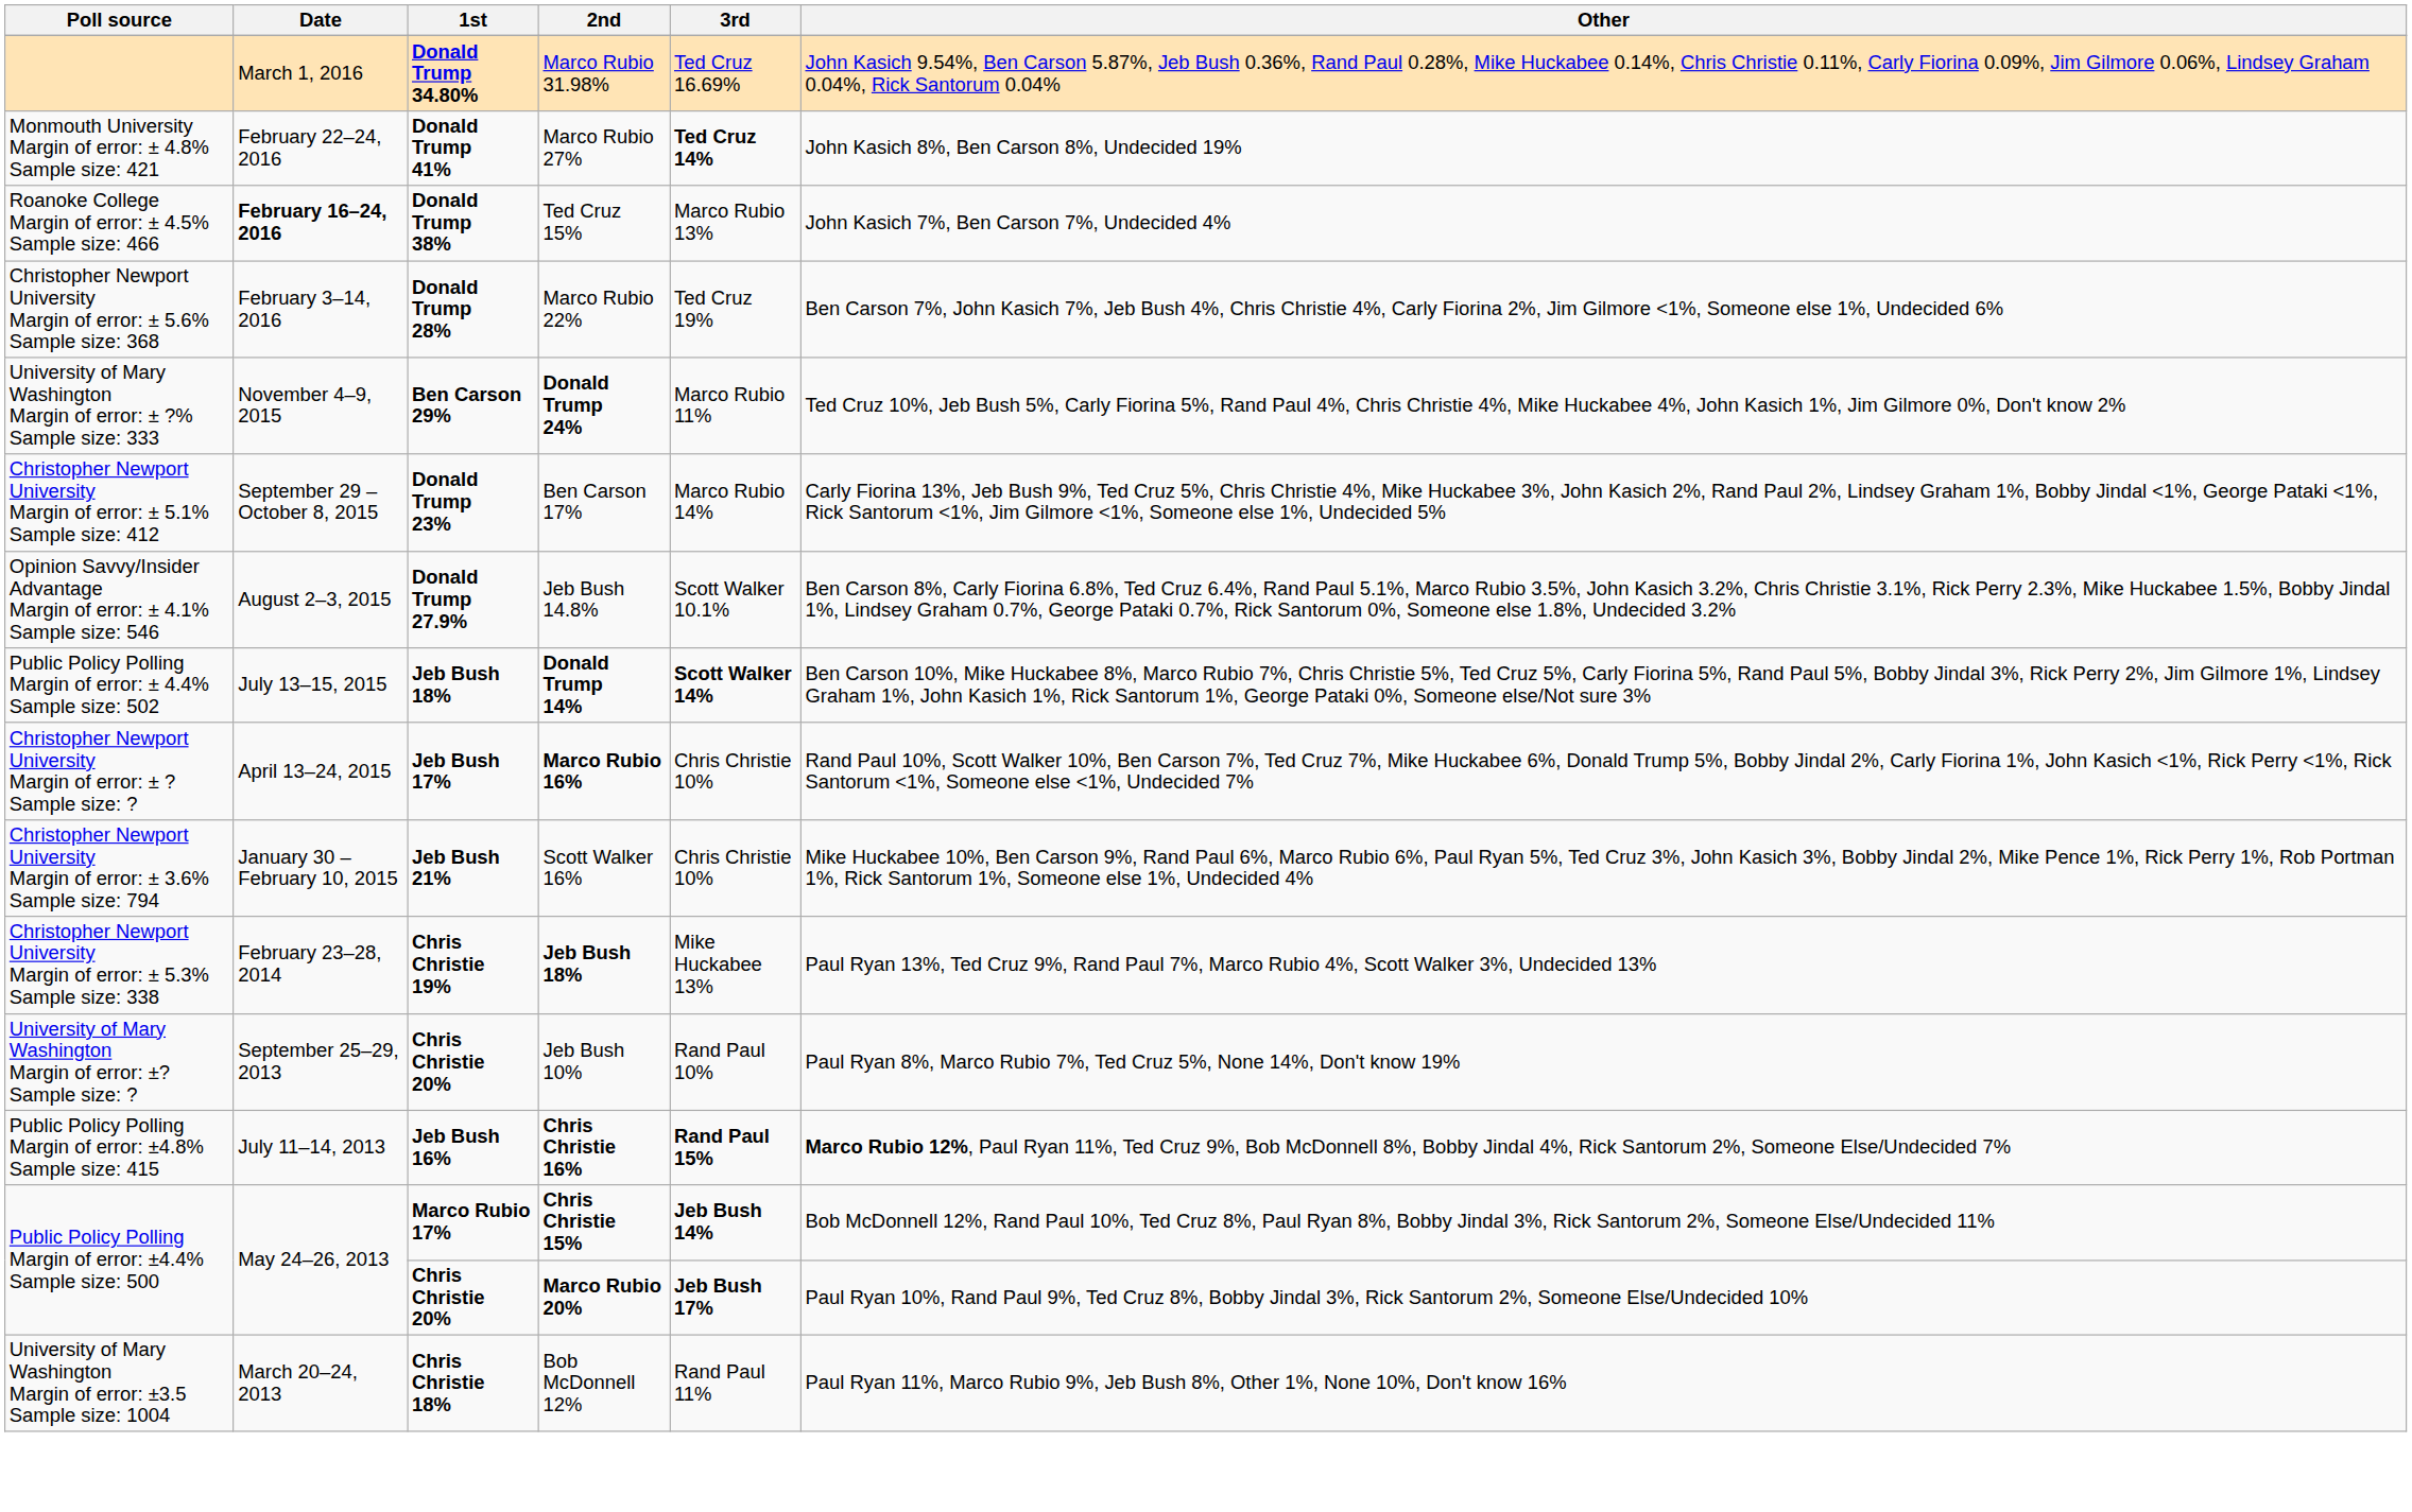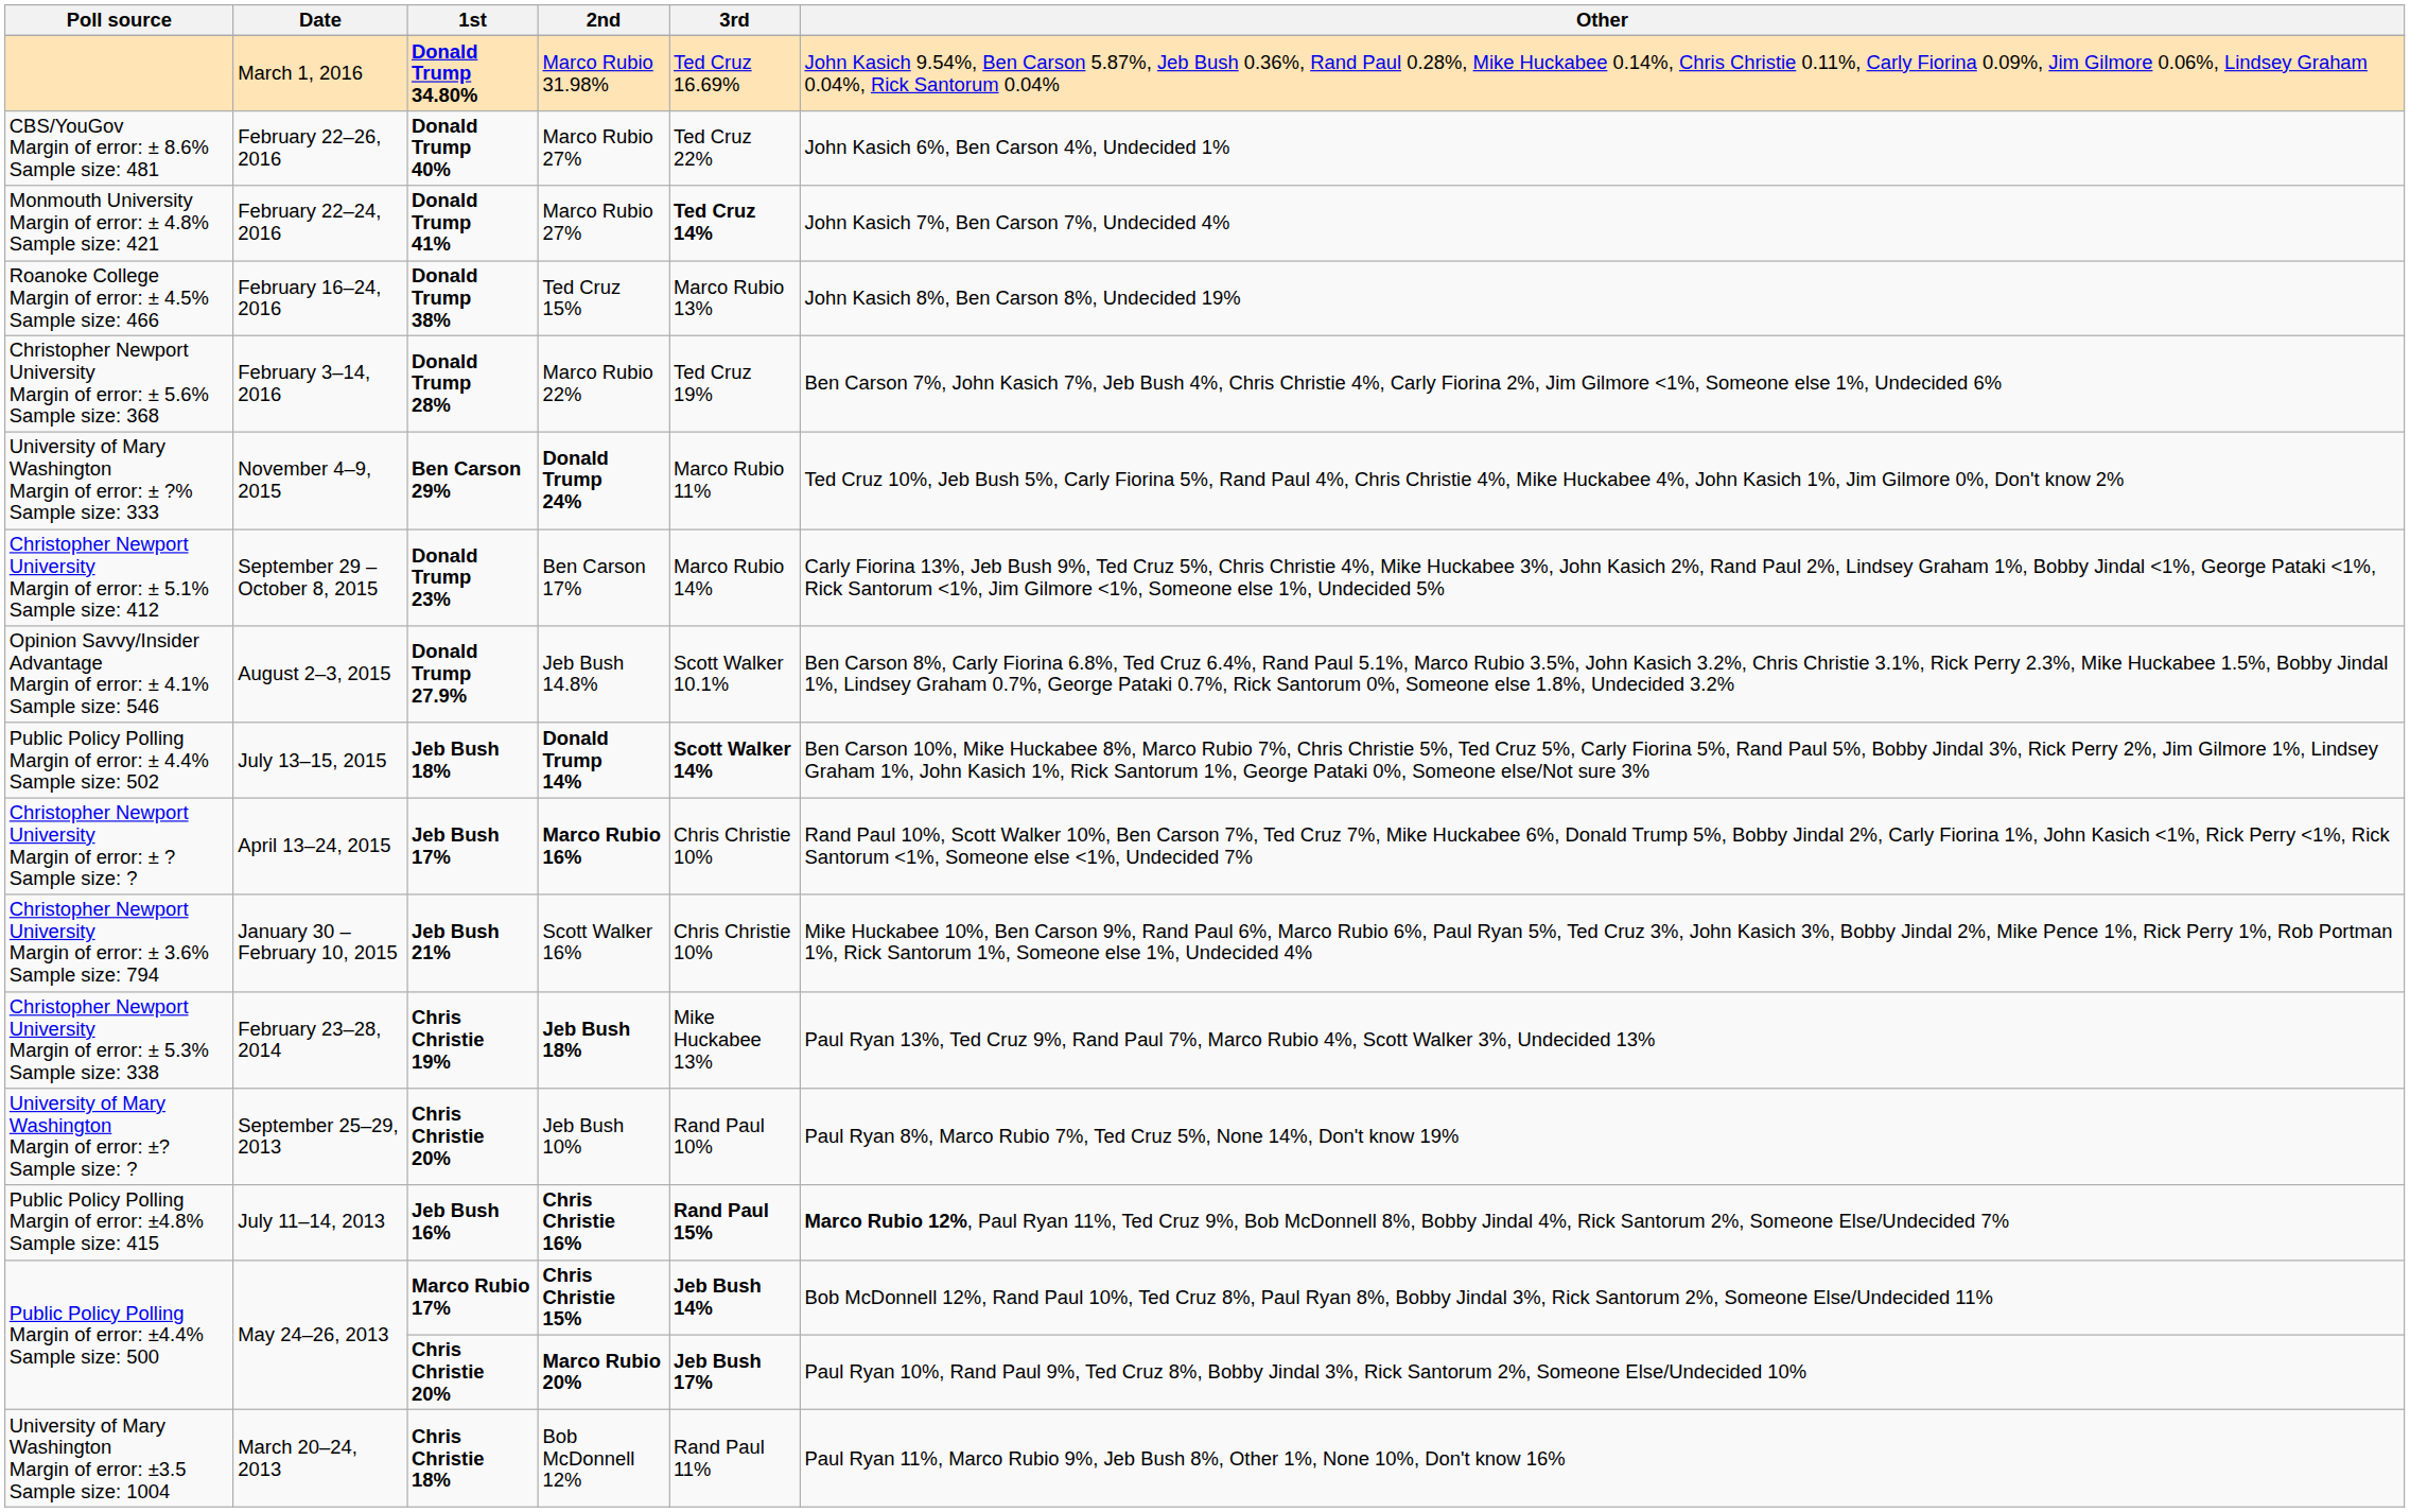 <table class="wikitable">
 <tr>
 <th style="width:180px;">Poll source</th>
 <th style="width:135px;">Date</th>
 <th style="width:100px;">1st</th>
 <th style="width:100px;">2nd</th>
 <th style="width:100px;">3rd</th>
 <th>Other</th>
 </tr>
 <tr>
 </tr>
 <tr style="background:Moccasin;">
 <td></td>
 <td>March 1, 2016</td>
 <td><strong><a href='#'>Donald Trump</a><br>34.80%</strong></td>
 <td><a href='#'>Marco Rubio</a><br>31.98%</td>
 <td><a href='#'>Ted Cruz</a><br>16.69%</td>
 <td><a href='#'>John Kasich</a> 9.54%, <a href='#'>Ben Carson</a> 5.87%, <a href='#'>Jeb Bush</a> 0.36%, <a href='#'>Rand Paul</a> 0.28%, <a href='#'>Mike Huckabee</a> 0.14%, <a href='#'>Chris Christie</a> 0.11%, <a href='#'>Carly Fiorina</a> 0.09%, <a href='#'>Jim Gilmore</a> 0.06%, <a href='#'>Lindsey Graham</a> 0.04%, <a href='#'>Rick Santorum</a> 0.04%</td>
 </tr>
 <tr>
+<td>CBS/YouGov<br>Margin of error: ± 8.6% Sample size: 481</td>
+<td>February 22–26, 2016</td>
+<td><strong>Donald Trump<br>40%</strong></td>
+<td>Marco Rubio<br>27%</td>
+<td>Ted Cruz<br>22%</td>
+<td>John Kasich 6%, Ben Carson 4%, Undecided 1%</td>
+</tr>
+<tr>
 <td>Monmouth University<br>Margin of error: ± 4.8% Sample size: 421</td>
 <td>February 22–24, 2016</td>
 <td><strong>Donald Trump<br>41%</strong></td>
 <td>Marco Rubio<br>27%</td>
 <td><strong>Ted Cruz<br>14%</strong></td>
-<td>John Kasich 8%, Ben Carson 8%, Undecided 19%</td>
+<td>John Kasich 7%, Ben Carson 7%, Undecided 4%</td>
 </tr>
 <tr>
 <td>Roanoke College<br>Margin of error: ± 4.5% Sample size: 466</td>
-<td><strong>February 16–24, 2016</strong></td>
+<td>February 16–24, 2016</td>
 <td><strong>Donald Trump<br>38%</strong></td>
 <td>Ted Cruz<br>15%</td>
 <td>Marco Rubio<br>13%</td>
-<td>John Kasich 7%, Ben Carson 7%, Undecided 4%</td>
+<td>John Kasich 8%, Ben Carson 8%, Undecided 19%</td>
 </tr>
 <tr>
 <td>Christopher Newport University<br>Margin of error: ± 5.6% <br>Sample size: 368</td>
 <td>February 3–14, 2016</td>
 <td><strong>Donald Trump<br>28%</strong></td>
 <td>Marco Rubio<br>22%</td>
 <td>Ted Cruz<br>19%</td>
 <td>Ben Carson 7%, John Kasich 7%, Jeb Bush 4%, Chris Christie 4%, Carly Fiorina 2%, Jim Gilmore <1%, Someone else 1%, Undecided 6%</td>
 </tr>
 <tr>
 <td>University of Mary Washington<br>Margin of error: ± ?% <br>Sample size: 333</td>
 <td>November 4–9, 2015</td>
 <td><strong>Ben Carson<br>29%</strong></td>
 <td><strong>Donald Trump<br>24%</strong></td>
 <td>Marco Rubio<br> 11%</td>
 <td>Ted Cruz 10%, Jeb Bush 5%, Carly Fiorina 5%, Rand Paul 4%, Chris Christie 4%, Mike Huckabee 4%, John Kasich 1%, Jim Gilmore 0%, Don't know 2%</td>
 </tr>
 <tr>
 <td><a href='#'>Christopher Newport University</a><br>Margin of error: ± 5.1% <br>Sample size: 412</td>
 <td>September 29 – October 8, 2015</td>
 <td><strong>Donald Trump<br>23%</strong></td>
 <td>Ben Carson<br>17%</td>
 <td>Marco Rubio<br>14%</td>
 <td>Carly Fiorina 13%, Jeb Bush 9%, Ted Cruz 5%, Chris Christie 4%, Mike Huckabee 3%, John Kasich 2%, Rand Paul 2%, Lindsey Graham 1%, Bobby Jindal <1%, George Pataki <1%, Rick Santorum <1%, Jim Gilmore <1%, Someone else 1%, Undecided 5%</td>
 </tr>
 <tr>
 <td>Opinion Savvy/Insider Advantage<br>Margin of error: ± 4.1% <br>Sample size: 546</td>
 <td>August 2–3, 2015</td>
 <td><strong>Donald Trump<br>27.9%</strong></td>
 <td>Jeb Bush<br>14.8%</td>
 <td>Scott Walker<br>10.1%</td>
 <td>Ben Carson 8%, Carly Fiorina 6.8%, Ted Cruz 6.4%, Rand Paul 5.1%, Marco Rubio 3.5%, John Kasich 3.2%, Chris Christie 3.1%, Rick Perry 2.3%, Mike Huckabee 1.5%, Bobby Jindal 1%, Lindsey Graham 0.7%, George Pataki 0.7%, Rick Santorum 0%, Someone else 1.8%, Undecided 3.2%</td>
 </tr>
 <tr>
 <td>Public Policy Polling<br>Margin of error: ± 4.4% <br>Sample size: 502</td>
 <td>July 13–15, 2015</td>
 <td><strong>Jeb Bush<br>18%</strong></td>
 <td><strong>Donald Trump<br>14%</strong></td>
 <td><strong>Scott Walker<br>14%</strong></td>
 <td>Ben Carson 10%, Mike Huckabee 8%, Marco Rubio 7%, Chris Christie 5%, Ted Cruz 5%, Carly Fiorina 5%, Rand Paul 5%, Bobby Jindal 3%, Rick Perry 2%, Jim Gilmore 1%, Lindsey Graham 1%, John Kasich 1%, Rick Santorum 1%, George Pataki 0%, Someone else/Not sure 3%</td>
 </tr>
 <tr>
 <td><a href='#'>Christopher Newport University</a><br>Margin of error: ± ? <br>Sample size: ?</td>
 <td>April 13–24, 2015</td>
 <td><strong>Jeb Bush<br>17%</strong></td>
 <td><strong>Marco Rubio<br>16%</strong></td>
 <td>Chris Christie<br>10%</td>
 <td>Rand Paul 10%, Scott Walker 10%, Ben Carson 7%, Ted Cruz 7%, Mike Huckabee 6%, Donald Trump 5%, Bobby Jindal 2%, Carly Fiorina 1%, John Kasich <1%, Rick Perry <1%, Rick Santorum <1%, Someone else <1%, Undecided 7%</td>
 </tr>
 <tr>
 <td><a href='#'>Christopher Newport University</a><br>Margin of error: ± 3.6% <br>Sample size: 794</td>
 <td>January 30 – February 10, 2015</td>
 <td><strong>Jeb Bush<br>21%</strong></td>
 <td>Scott Walker<br>16%</td>
 <td>Chris Christie<br>10%</td>
 <td>Mike Huckabee 10%, Ben Carson 9%, Rand Paul 6%, Marco Rubio 6%, Paul Ryan 5%, Ted Cruz 3%, John Kasich 3%, Bobby Jindal 2%, Mike Pence 1%, Rick Perry 1%, Rob Portman 1%, Rick Santorum 1%, Someone else 1%, Undecided 4%</td>
 </tr>
 <tr>
 <td><a href='#'>Christopher Newport University</a><br>Margin of error: ± 5.3% <br>Sample size: 338</td>
 <td>February 23–28, 2014</td>
 <td><strong>Chris Christie<br>19%</strong></td>
 <td><strong>Jeb Bush<br>18%</strong></td>
 <td>Mike Huckabee<br>13%</td>
 <td>Paul Ryan 13%, Ted Cruz 9%, Rand Paul 7%, Marco Rubio 4%, Scott Walker 3%, Undecided 13%</td>
 </tr>
 <tr>
 <td><a href='#'>University of Mary Washington</a><br>Margin of error: ±? <br>Sample size: ?</td>
 <td>September 25–29, 2013</td>
 <td><strong>Chris Christie<br>20%</strong></td>
 <td>Jeb Bush<br>10%</td>
 <td>Rand Paul<br>10%</td>
 <td>Paul Ryan 8%, Marco Rubio 7%, Ted Cruz 5%, None 14%, Don't know 19%</td>
 </tr>
 <tr>
 <td>Public Policy Polling<br>Margin of error: ±4.8% <br>Sample size: 415</td>
 <td>July 11–14, 2013</td>
 <td><strong>Jeb Bush<br>16%</strong></td>
 <td><strong>Chris Christie<br>16%</strong></td>
 <td><strong>Rand Paul<br>15%</strong></td>
 <td><span><strong>Marco Rubio 12%</strong></span>, Paul Ryan 11%, Ted Cruz 9%, Bob McDonnell 8%, Bobby Jindal 4%, Rick Santorum 2%, Someone Else/Undecided 7%</td>
 </tr>
 <tr>
 <td rowspan=2><a href='#'>Public Policy Polling</a><br>Margin of error: ±4.4% <br>Sample size: 500</td>
 <td rowspan=2>May 24–26, 2013</td>
 <td><strong>Marco Rubio<br>17%</strong></td>
 <td><strong>Chris Christie<br>15%</strong></td>
 <td><strong>Jeb Bush<br>14%</strong></td>
 <td>Bob McDonnell 12%, Rand Paul 10%, Ted Cruz 8%, Paul Ryan 8%, Bobby Jindal 3%, Rick Santorum 2%, Someone Else/Undecided 11%</td>
 </tr>
 <tr>
 <td><strong>Chris Christie<br>20%</strong></td>
 <td><strong>Marco Rubio<br>20%</strong></td>
 <td><strong>Jeb Bush<br>17%</strong></td>
 <td>Paul Ryan 10%, Rand Paul 9%, Ted Cruz 8%, Bobby Jindal 3%, Rick Santorum 2%, Someone Else/Undecided 10%</td>
 </tr>
 <tr>
 <td>University of Mary Washington<br>Margin of error: ±3.5 <br>Sample size: 1004</td>
 <td>March 20–24, 2013</td>
 <td><strong>Chris Christie<br>18%</strong></td>
 <td>Bob McDonnell<br>12%</td>
 <td>Rand Paul<br>11%</td>
 <td>Paul Ryan 11%, Marco Rubio 9%, Jeb Bush 8%, Other 1%, None 10%, Don't know 16%</td>
 </tr>
 </table>
